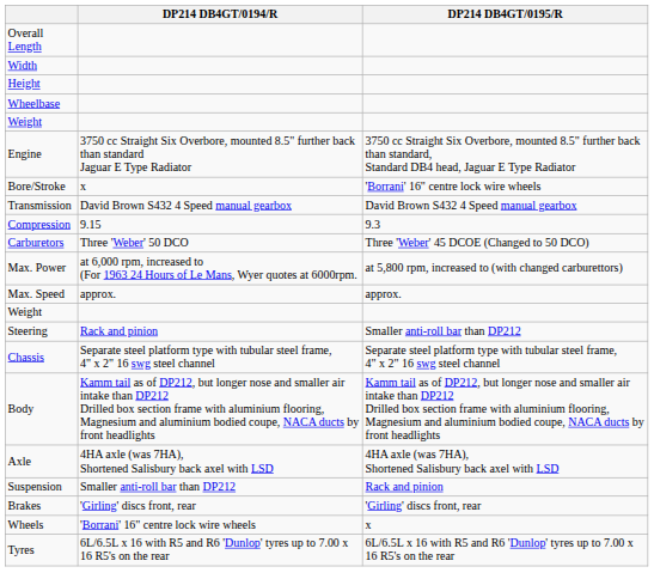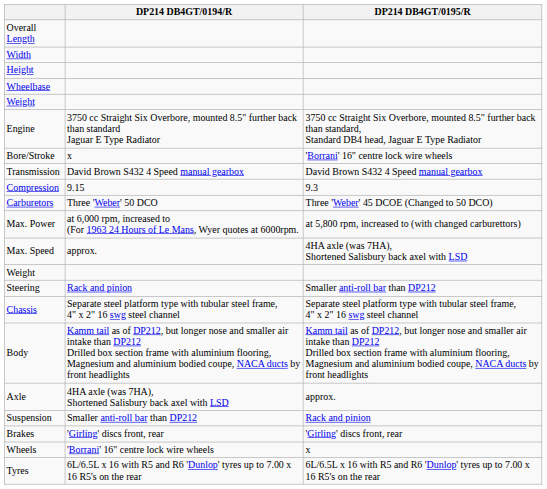 <table class="wikitable">
 <tr>
 <th></th>
 <th>DP214 DB4GT/0194/R</th>
 <th>DP214 DB4GT/0195/R</th>
 </tr>
 <tr>
 <td>Overall <a href='#'>Length</a></td>
 <td></td>
 <td></td>
 </tr>
 <tr>
 <td><a href='#'>Width</a></td>
 <td></td>
 <td></td>
 </tr>
 <tr>
 <td><a href='#'>Height</a></td>
 <td></td>
 <td></td>
 </tr>
 <tr>
 <td><a href='#'>Wheelbase</a></td>
 <td></td>
 <td></td>
 </tr>
 <tr>
 <td><a href='#'>Weight</a></td>
 <td></td>
 <td></td>
 </tr>
 <tr>
 <td>Engine</td>
 <td>3750 cc Straight Six  Overbore, mounted 8.5" further back than standard<br>Jaguar E Type Radiator</td>
 <td>3750 cc Straight Six  Overbore, mounted 8.5" further back than standard,<br>Standard DB4 head, Jaguar E Type Radiator</td>
 </tr>
 <tr>
 <td>Bore/Stroke</td>
 <td> x </td>
 <td>'<a href='#'>Borrani</a>' 16" centre lock wire wheels</td>
 </tr>
 <tr>
 <td>Transmission</td>
 <td>David Brown S432 4 Speed <a href='#'>manual gearbox</a></td>
 <td>David Brown S432 4 Speed <a href='#'>manual gearbox</a></td>
 </tr>
 <tr>
 <td><a href='#'>Compression</a></td>
 <td>9.15</td>
 <td>9.3</td>
 </tr>
 <tr>
 <td><a href='#'>Carburetors</a></td>
 <td>Three '<a href='#'>Weber</a>' 50 DCO</td>
 <td>Three '<a href='#'>Weber</a>' 45 DCOE (Changed to 50 DCO)</td>
 </tr>
 <tr>
 <td>Max. Power</td>
 <td> at 6,000 rpm, increased to <br>(For <a href='#'>1963 24 Hours of Le Mans</a>, Wyer quotes  at 6000rpm.</td>
 <td> at 5,800 rpm, increased to  (with changed carburettors)</td>
 </tr>
 <tr>
 <td>Max. Speed</td>
 <td>approx. </td>
-<td>approx. </td>
+<td>4HA axle (was 7HA),<br>Shortened Salisbury back axel with <a href='#'>LSD</a></td>
 </tr>
 <tr>
 <td>Weight</td>
 <td></td>
 <td></td>
 </tr>
 <tr>
 <td>Steering</td>
 <td><a href='#'>Rack and pinion</a></td>
 <td>Smaller <a href='#'>anti-roll bar</a> than <a href='#'>DP212</a></td>
 </tr>
 <tr>
 <td><a href='#'>Chassis</a></td>
 <td>Separate steel platform type with tubular steel frame,<br>4" x 2" 16 <a href='#'>swg</a> steel channel</td>
 <td>Separate steel platform type with tubular steel frame,<br>4" x 2" 16 <a href='#'>swg</a> steel channel</td>
 </tr>
 <tr>
 <td>Body</td>
 <td><a href='#'>Kamm tail</a> as of <a href='#'>DP212</a>, but longer nose and smaller air intake than <a href='#'>DP212</a><br>Drilled box section frame with aluminium flooring, Magnesium and aluminium bodied coupe, <a href='#'>NACA ducts</a> by front headlights</td>
 <td><a href='#'>Kamm tail</a> as of <a href='#'>DP212</a>, but longer nose and smaller air intake than <a href='#'>DP212</a><br>Drilled box section frame with aluminium flooring, Magnesium and aluminium bodied coupe, <a href='#'>NACA ducts</a> by front headlights</td>
 </tr>
 <tr>
 <td>Axle</td>
 <td>4HA axle (was 7HA),<br>Shortened Salisbury back axel with <a href='#'>LSD</a></td>
-<td>4HA axle (was 7HA),<br>Shortened Salisbury back axel with <a href='#'>LSD</a></td>
+<td>approx. </td>
 </tr>
 <tr>
 <td>Suspension</td>
 <td>Smaller <a href='#'>anti-roll bar</a> than <a href='#'>DP212</a></td>
 <td><a href='#'>Rack and pinion</a></td>
 </tr>
 <tr>
 <td>Brakes</td>
 <td>'<a href='#'>Girling</a>'  discs front,  rear</td>
 <td>'<a href='#'>Girling</a>'  discs front,  rear</td>
 </tr>
 <tr>
 <td>Wheels</td>
 <td>'<a href='#'>Borrani</a>' 16" centre lock wire wheels</td>
 <td> x </td>
 </tr>
 <tr>
 <td>Tyres</td>
 <td>6L/6.5L x 16 with R5 and R6 '<a href='#'>Dunlop</a>' tyres up to 7.00 x 16 R5's on the rear</td>
 <td>6L/6.5L x 16 with R5 and R6 '<a href='#'>Dunlop</a>' tyres up to 7.00 x 16 R5's on the rear</td>
 </tr>
 </table>
